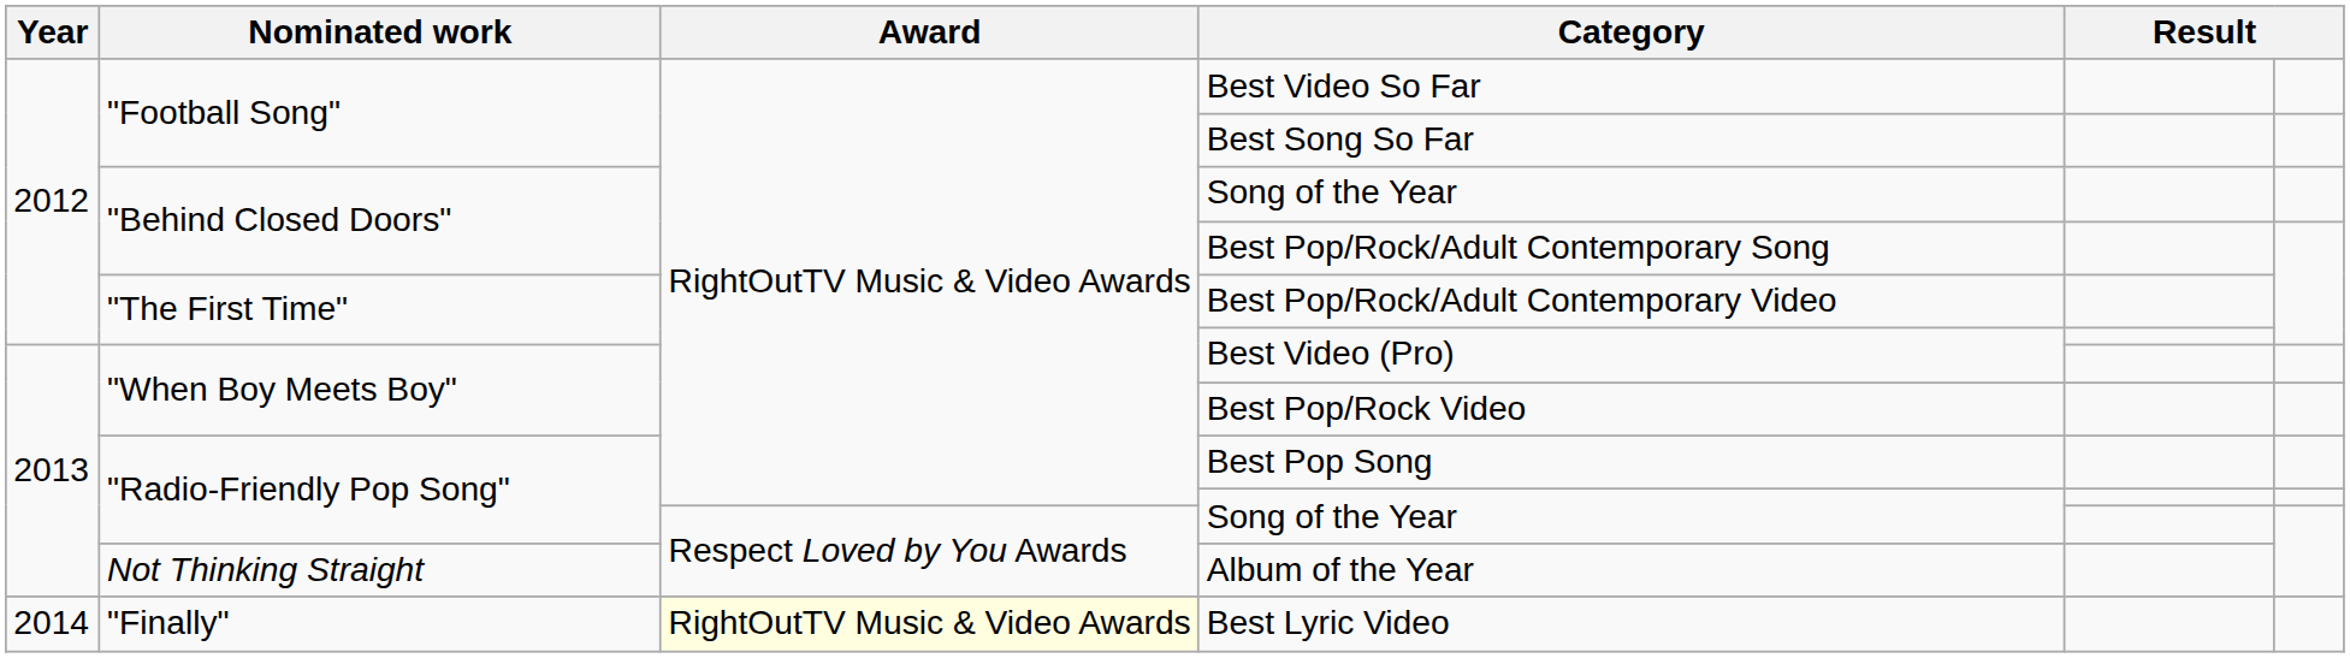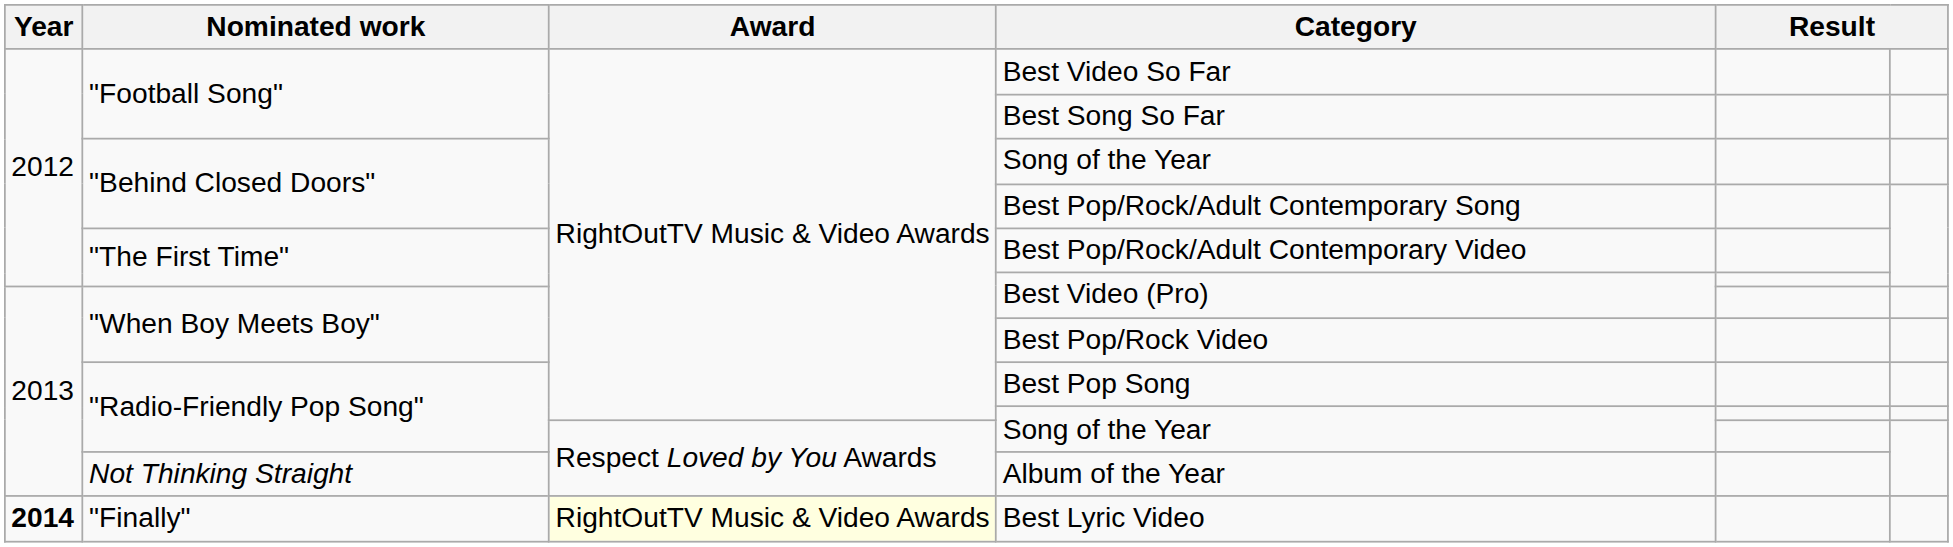 <table class="wikitable">
 <tr>
 <th width=4%>Year</th>
 <th width=24%>Nominated work</th>
 <th width=23%>Award</th>
 <th width=37%>Category</th>
 <th colspan=2 width=12%>Result</th>
 </tr>
 <tr>
 <td rowspan=6>2012</td>
 <td rowspan=2>"Football Song"</td>
 <td rowspan=10>RightOutTV Music & Video Awards</td>
 <td>Best Video So Far</td>
 <td></td>
 <td width=3%></td>
 </tr>
 <tr>
 <td>Best Song So Far</td>
 <td></td>
 <td width=3%></td>
 </tr>
 <tr>
 <td rowspan=2>"Behind Closed Doors"</td>
 <td>Song of the Year</td>
 <td></td>
 <td width=3%></td>
 </tr>
 <tr>
 <td>Best Pop/Rock/Adult Contemporary Song</td>
 <td></td>
 <td width=3% rowspan=3></td>
 </tr>
 <tr>
 <td rowspan=2>"The First Time"</td>
 <td>Best Pop/Rock/Adult Contemporary Video</td>
 <td></td>
 </tr>
 <tr>
 <td rowspan=2>Best Video (Pro)</td>
 <td></td>
 </tr>
 <tr>
 <td rowspan=6>2013</td>
 <td rowspan=2>"When Boy Meets Boy"</td>
 <td></td>
 <td width=3%></td>
 </tr>
 <tr>
 <td>Best Pop/Rock Video</td>
 <td></td>
 <td width=3%></td>
 </tr>
 <tr>
 <td rowspan=3>"Radio-Friendly Pop Song"</td>
 <td>Best Pop Song</td>
 <td></td>
 <td width=3%></td>
 </tr>
 <tr>
 <td rowspan=2>Song of the Year</td>
 <td></td>
 <td width=3%></td>
 </tr>
 <tr>
 <td rowspan=2>Respect <em>Loved by You</em> Awards</td>
 <td></td>
 <td rowspan=2 width=3%></td>
 </tr>
 <tr>
 <td><em>Not Thinking Straight</em></td>
 <td>Album of the Year</td>
 <td></td>
 </tr>
 <tr>
-<td>2014</td>
+<td><strong>2014</strong></td>
 <td>"Finally"</td>
 <td style="background: lightyellow;">RightOutTV Music & Video Awards</td>
 <td>Best Lyric Video</td>
 <td></td>
 <td width=3%></td>
 </tr>
 </table>
